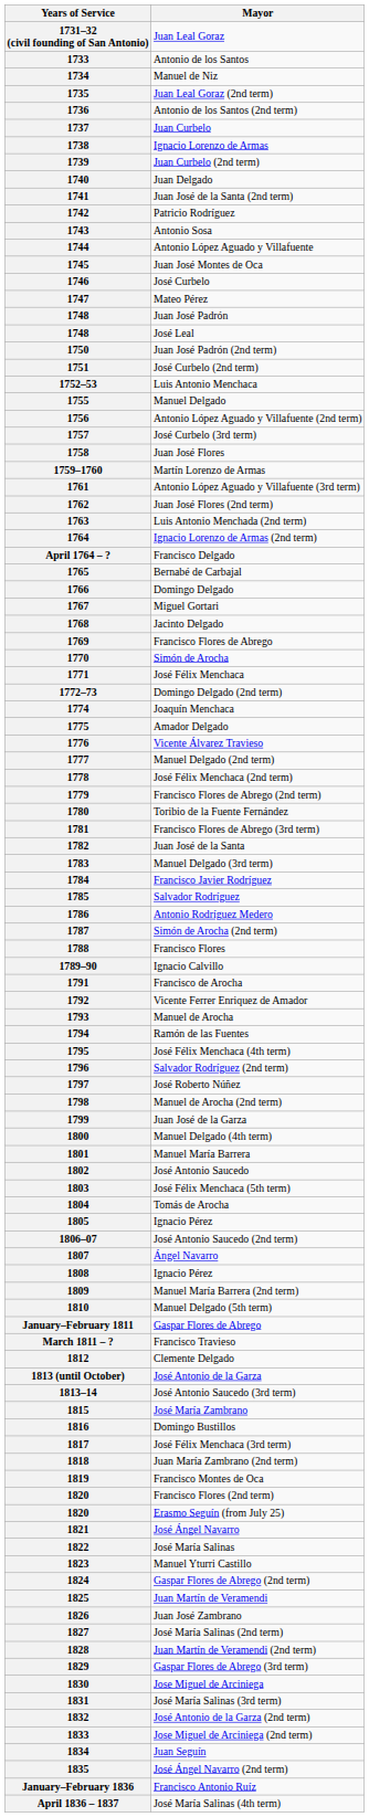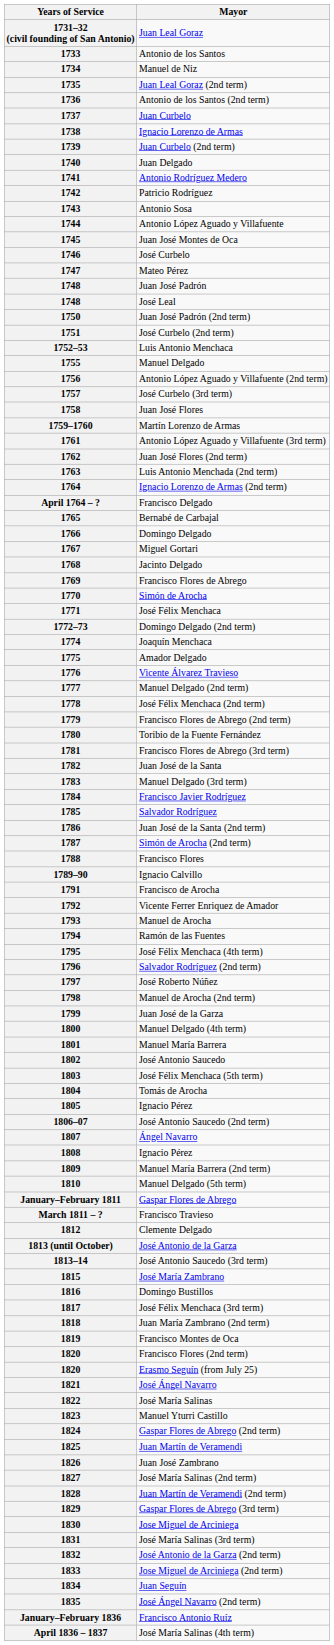 <table class="wikitable" style="text-align:left" border="1">
 <tr>
 <th>Years of Service</th>
 <th>Mayor</th>
 </tr>
 <tr>
 <th>1731–32<br>(civil founding of San Antonio)</th>
 <td><a href='#'>Juan Leal Goraz</a></td>
 </tr>
 <tr>
 <th>1733</th>
 <td>Antonio de los Santos</td>
 </tr>
 <tr>
 <th>1734</th>
 <td>Manuel de Niz</td>
 </tr>
 <tr>
 <th>1735</th>
 <td><a href='#'>Juan Leal Goraz</a> (2nd term)</td>
 </tr>
 <tr>
 <th>1736</th>
 <td>Antonio de los Santos (2nd term)</td>
 </tr>
 <tr>
 <th>1737</th>
 <td><a href='#'>Juan Curbelo</a></td>
 </tr>
 <tr>
 <th>1738</th>
 <td><a href='#'>Ignacio Lorenzo de Armas</a></td>
 </tr>
 <tr>
 <th>1739</th>
 <td><a href='#'>Juan Curbelo</a> (2nd term)</td>
 </tr>
 <tr>
 <th>1740</th>
 <td>Juan Delgado</td>
 </tr>
 <tr>
 <th>1741</th>
-<td>Juan José de la Santa (2nd term)</td>
+<td><a href='#'>Antonio Rodríguez Medero</a></td>
 </tr>
 <tr>
 <th>1742</th>
 <td>Patricio Rodríguez</td>
 </tr>
 <tr>
 <th>1743</th>
 <td>Antonio Sosa</td>
 </tr>
 <tr>
 <th>1744</th>
 <td>Antonio López Aguado y Villafuente</td>
 </tr>
 <tr>
 <th>1745</th>
 <td>Juan José Montes de Oca</td>
 </tr>
 <tr>
 <th>1746</th>
 <td>José Curbelo</td>
 </tr>
 <tr>
 <th>1747</th>
 <td>Mateo Pérez</td>
 </tr>
 <tr>
 <th>1748</th>
 <td>Juan José Padrón</td>
 </tr>
 <tr>
 <th>1748</th>
 <td>José Leal</td>
 </tr>
 <tr>
 <th>1750</th>
 <td>Juan José Padrón (2nd term)</td>
 </tr>
 <tr>
 <th>1751</th>
 <td>José Curbelo (2nd term)</td>
 </tr>
 <tr>
 <th>1752–53</th>
 <td>Luis Antonio Menchaca</td>
 </tr>
 <tr>
 <th>1755</th>
 <td>Manuel Delgado</td>
 </tr>
 <tr>
 <th>1756</th>
 <td>Antonio López Aguado y Villafuente (2nd term)</td>
 </tr>
 <tr>
 <th>1757</th>
 <td>José Curbelo (3rd term)</td>
 </tr>
 <tr>
 <th>1758</th>
 <td>Juan José Flores</td>
 </tr>
 <tr>
 <th>1759–1760</th>
 <td>Martín Lorenzo de Armas</td>
 </tr>
 <tr>
 <th>1761</th>
 <td>Antonio López Aguado y Villafuente (3rd term)</td>
 </tr>
 <tr>
 <th>1762</th>
 <td>Juan José Flores (2nd term)</td>
 </tr>
 <tr>
 <th>1763</th>
 <td>Luis Antonio Menchada (2nd term)</td>
 </tr>
 <tr>
 <th>1764</th>
 <td><a href='#'>Ignacio Lorenzo de Armas</a> (2nd term)</td>
 </tr>
 <tr>
 <th>April 1764 – ?</th>
 <td>Francisco Delgado</td>
 </tr>
 <tr>
 <th>1765</th>
 <td>Bernabé de Carbajal</td>
 </tr>
 <tr>
 <th>1766</th>
 <td>Domingo Delgado</td>
 </tr>
 <tr>
 <th>1767</th>
 <td>Miguel Gortari</td>
 </tr>
 <tr>
 <th>1768</th>
 <td>Jacinto Delgado</td>
 </tr>
 <tr>
 <th>1769</th>
 <td>Francisco Flores de Abrego</td>
 </tr>
 <tr>
 <th>1770</th>
 <td><a href='#'>Simón de Arocha</a></td>
 </tr>
 <tr>
 <th>1771</th>
 <td>José Félix Menchaca</td>
 </tr>
 <tr>
 <th>1772–73</th>
 <td>Domingo Delgado (2nd term)</td>
 </tr>
 <tr>
 <th>1774</th>
 <td>Joaquín Menchaca</td>
 </tr>
 <tr>
 <th>1775</th>
 <td>Amador Delgado</td>
 </tr>
 <tr>
 <th>1776</th>
 <td><a href='#'>Vicente Álvarez Travieso</a></td>
 </tr>
 <tr>
 <th>1777</th>
 <td>Manuel Delgado (2nd term)</td>
 </tr>
 <tr>
 <th>1778</th>
 <td>José Félix Menchaca (2nd term)</td>
 </tr>
 <tr>
 <th>1779</th>
 <td>Francisco Flores de Abrego (2nd term)</td>
 </tr>
 <tr>
 <th>1780</th>
 <td>Toribio de la Fuente Fernández</td>
 </tr>
 <tr>
 <th>1781</th>
 <td>Francisco Flores de Abrego (3rd term)</td>
 </tr>
 <tr>
 <th>1782</th>
 <td>Juan José de la Santa</td>
 </tr>
 <tr>
 <th>1783</th>
 <td>Manuel Delgado (3rd term)</td>
 </tr>
 <tr>
 <th>1784</th>
 <td><a href='#'>Francisco Javier Rodríguez</a></td>
 </tr>
 <tr>
 <th>1785</th>
 <td><a href='#'>Salvador Rodríguez</a></td>
 </tr>
 <tr>
 <th>1786</th>
-<td><a href='#'>Antonio Rodríguez Medero</a></td>
+<td>Juan José de la Santa (2nd term)</td>
 </tr>
 <tr>
 <th>1787</th>
 <td><a href='#'>Simón de Arocha</a> (2nd term)</td>
 </tr>
 <tr>
 <th>1788</th>
 <td>Francisco Flores</td>
 </tr>
 <tr>
 <th>1789–90</th>
 <td>Ignacio Calvillo</td>
 </tr>
 <tr>
 <th>1791</th>
 <td>Francisco de Arocha</td>
 </tr>
 <tr>
 <th>1792</th>
 <td>Vicente Ferrer Enriquez de Amador</td>
 </tr>
 <tr>
 <th>1793</th>
 <td>Manuel de Arocha</td>
 </tr>
 <tr>
 <th>1794</th>
 <td>Ramón de las Fuentes</td>
 </tr>
 <tr>
 <th>1795</th>
 <td>José Félix Menchaca (4th term)</td>
 </tr>
 <tr>
 <th>1796</th>
 <td><a href='#'>Salvador Rodríguez</a> (2nd term)</td>
 </tr>
 <tr>
 <th>1797</th>
 <td>José Roberto Núñez</td>
 </tr>
 <tr>
 <th>1798</th>
 <td>Manuel de Arocha (2nd term)</td>
 </tr>
 <tr>
 <th>1799</th>
 <td>Juan José de la Garza</td>
 </tr>
 <tr>
 <th>1800</th>
 <td>Manuel Delgado (4th term)</td>
 </tr>
 <tr>
 <th>1801</th>
 <td>Manuel María Barrera</td>
 </tr>
 <tr>
 <th>1802</th>
 <td>José Antonio Saucedo</td>
 </tr>
 <tr>
 <th>1803</th>
 <td>José Félix Menchaca (5th term)</td>
 </tr>
 <tr>
 <th>1804</th>
 <td>Tomás de Arocha</td>
 </tr>
 <tr>
 <th>1805</th>
 <td>Ignacio Pérez</td>
 </tr>
 <tr>
 <th>1806–07</th>
 <td>José Antonio Saucedo (2nd term)</td>
 </tr>
 <tr>
 <th>1807</th>
 <td><a href='#'>Ángel Navarro</a></td>
 </tr>
 <tr>
 <th>1808</th>
 <td>Ignacio Pérez</td>
 </tr>
 <tr>
 <th>1809</th>
 <td>Manuel María Barrera (2nd term)</td>
 </tr>
 <tr>
 <th>1810</th>
 <td>Manuel Delgado (5th term)</td>
 </tr>
 <tr>
 <th>January–February 1811</th>
 <td><a href='#'>Gaspar Flores de Abrego</a></td>
 </tr>
 <tr>
 <th>March 1811 – ?</th>
 <td>Francisco Travieso</td>
 </tr>
 <tr>
 <th>1812</th>
 <td>Clemente Delgado</td>
 </tr>
 <tr>
 <th>1813 (until October)</th>
 <td><a href='#'>José Antonio de la Garza</a></td>
 </tr>
 <tr>
 <th>1813–14</th>
 <td>José Antonio Saucedo (3rd term)</td>
 </tr>
 <tr>
 <th>1815</th>
 <td><a href='#'>José María Zambrano</a></td>
 </tr>
 <tr>
 <th>1816</th>
 <td>Domingo Bustillos</td>
 </tr>
 <tr>
 <th>1817</th>
 <td>José Félix Menchaca (3rd term)</td>
 </tr>
 <tr>
 <th>1818</th>
 <td>Juan María Zambrano (2nd term)</td>
 </tr>
 <tr>
 <th>1819</th>
 <td>Francisco Montes de Oca</td>
 </tr>
 <tr>
 <th>1820</th>
 <td>Francisco Flores (2nd term)</td>
 </tr>
 <tr>
 <th>1820</th>
 <td><a href='#'>Erasmo Seguín</a> (from July 25)</td>
 </tr>
 <tr>
 <th>1821</th>
 <td><a href='#'>José Ángel Navarro</a></td>
 </tr>
 <tr>
 <th>1822</th>
 <td>José María Salinas</td>
 </tr>
 <tr>
 <th>1823</th>
 <td>Manuel Yturri Castillo</td>
 </tr>
 <tr>
 <th>1824</th>
 <td><a href='#'>Gaspar Flores de Abrego</a> (2nd term)</td>
 </tr>
 <tr>
 <th>1825</th>
 <td><a href='#'>Juan Martín de Veramendi</a></td>
 </tr>
 <tr>
 <th>1826</th>
 <td>Juan José Zambrano</td>
 </tr>
 <tr>
 <th>1827</th>
 <td>José María Salinas (2nd term)</td>
 </tr>
 <tr>
 <th>1828</th>
 <td><a href='#'>Juan Martín de Veramendi</a> (2nd term)</td>
 </tr>
 <tr>
 <th>1829</th>
 <td><a href='#'>Gaspar Flores de Abrego</a> (3rd term)</td>
 </tr>
 <tr>
 <th>1830</th>
 <td><a href='#'>Jose Miguel de Arciniega</a></td>
 </tr>
 <tr>
 <th>1831</th>
 <td>José María Salinas (3rd term)</td>
 </tr>
 <tr>
 <th>1832</th>
 <td><a href='#'>José Antonio de la Garza</a> (2nd term)</td>
 </tr>
 <tr>
 <th>1833</th>
 <td><a href='#'>Jose Miguel de Arciniega</a> (2nd term)</td>
 </tr>
 <tr>
 <th>1834</th>
 <td><a href='#'>Juan Seguín</a></td>
 </tr>
 <tr>
 <th>1835</th>
 <td><a href='#'>José Ángel Navarro</a> (2nd term)</td>
 </tr>
 <tr>
 <th>January–February 1836</th>
 <td><a href='#'>Francisco Antonio Ruíz</a></td>
 </tr>
 <tr>
 <th>April 1836 – 1837</th>
 <td>José María Salinas (4th term)</td>
 </tr>
 </table>
